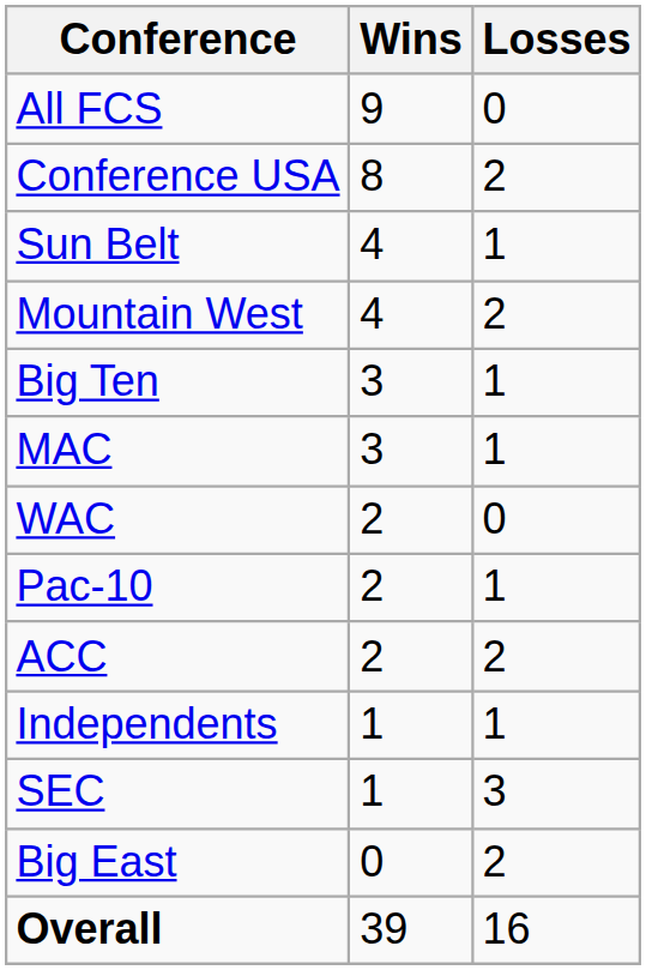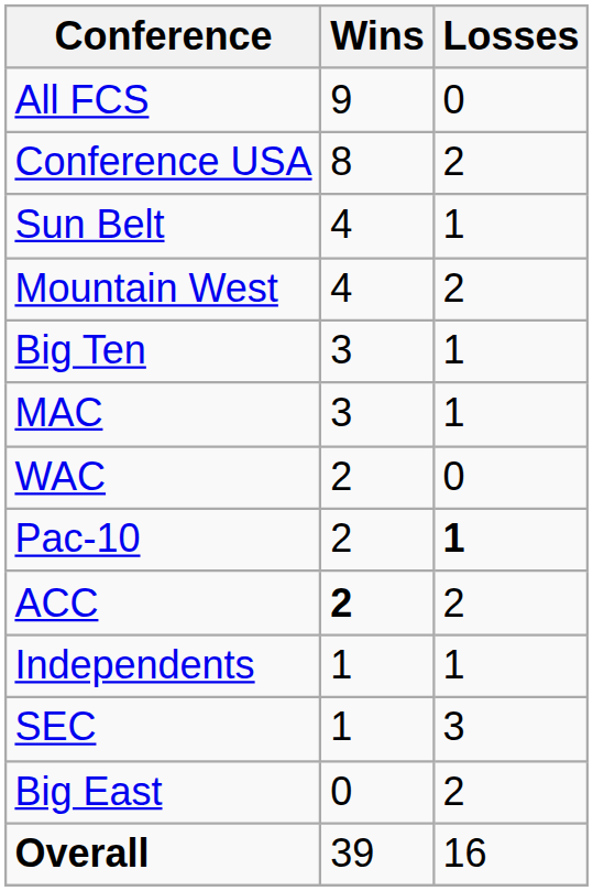 <table class="wikitable">
 <tr>
 <th>Conference</th>
 <th>Wins</th>
 <th>Losses</th>
 </tr>
 <tr>
 <td><a href='#'>All FCS</a></td>
 <td>9</td>
 <td>0</td>
 </tr>
 <tr>
 <td><a href='#'>Conference USA</a></td>
 <td>8</td>
 <td>2</td>
 </tr>
 <tr>
 <td><a href='#'>Sun Belt</a></td>
 <td>4</td>
 <td>1</td>
 </tr>
 <tr>
 <td><a href='#'>Mountain West</a></td>
 <td>4</td>
 <td>2</td>
 </tr>
 <tr>
 <td><a href='#'>Big Ten</a></td>
 <td>3</td>
 <td>1</td>
 </tr>
 <tr>
 <td><a href='#'>MAC</a></td>
 <td>3</td>
 <td>1</td>
 </tr>
 <tr>
 <td><a href='#'>WAC</a></td>
 <td>2</td>
 <td>0</td>
 </tr>
 <tr>
 <td><a href='#'>Pac-10</a></td>
 <td>2</td>
-<td>1</td>
+<td><strong>1</strong></td>
 </tr>
 <tr>
 <td><a href='#'>ACC</a></td>
-<td>2</td>
+<td><strong>2</strong></td>
 <td>2</td>
 </tr>
 <tr>
 <td><a href='#'>Independents</a></td>
 <td>1</td>
 <td>1</td>
 </tr>
 <tr>
 <td><a href='#'>SEC</a></td>
 <td>1</td>
 <td>3</td>
 </tr>
 <tr>
 <td><a href='#'>Big East</a></td>
 <td>0</td>
 <td>2</td>
 </tr>
 <tr>
 <td><strong>Overall</strong></td>
 <td>39</td>
 <td>16</td>
 </tr>
 <tr>
 </tr>
 </table>
